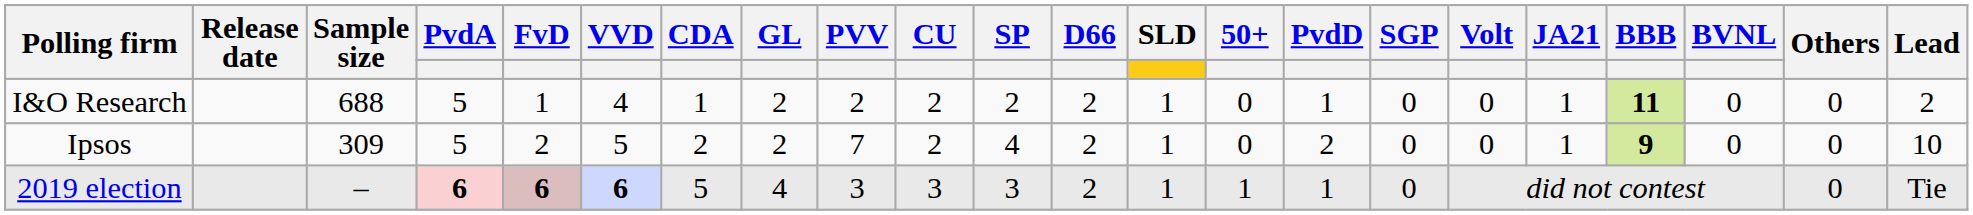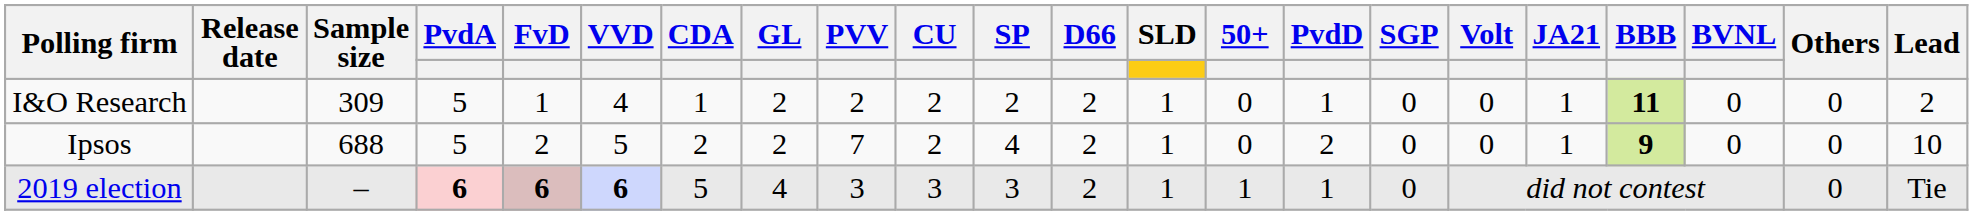 <table class="wikitable sortable tpl-blanktable" style="text-align:center;font-size:90%;line-height:14px;">
 <tr>
 <th rowspan="2">Polling firm</th>
 <th rowspan="2">Release<br>date</th>
 <th rowspan="2">Sample<br>size</th>
 <th class="unsortable" style="width:30px;"><a href='#'>PvdA</a></th>
 <th class="unsortable" style="width:30px;"><a href='#'>FvD</a></th>
 <th class="unsortable" style="width:30px;"><a href='#'>VVD</a></th>
 <th class="unsortable" style="width:30px;"><a href='#'>CDA</a></th>
 <th class="unsortable" style="width:30px;"><a href='#'>GL</a></th>
 <th class="unsortable" style="width:30px;"><a href='#'>PVV</a></th>
 <th class="unsortable" style="width:30px;"><a href='#'>CU</a></th>
 <th class="unsortable" style="width:30px;"><a href='#'>SP</a></th>
 <th class="unsortable" style="width:30px;"><a href='#'>D66</a></th>
 <th class="unsortable" style="width:30px;">SLD </th>
 <th class="unsortable" style="width:30px;"><a href='#'>50+</a></th>
 <th class="unsortable" style="width:30px;"><a href='#'>PvdD</a></th>
 <th class="unsortable" style="width:30px;"><a href='#'>SGP</a></th>
 <th class="unsortable" style="width:30px;"><a href='#'>Volt</a></th>
 <th class="unsortable" style="width:30px;"><a href='#'>JA21</a></th>
 <th class="unsortable" style="width:30px;"><a href='#'>BBB</a></th>
 <th class="unsortable" style="width:30px;"><a href='#'>BVNL</a></th>
 <th class="unsortable" style="width:30px;" rowspan="2">Others</th>
 <th rowspan="2">Lead</th>
 </tr>
 <tr>
 <th data-sort-type="number" style="background:"></th>
 <th data-sort-type="number" style="background:"></th>
 <th data-sort-type="number" style="background:"></th>
 <th data-sort-type="number" style="background:"></th>
 <th data-sort-type="number" style="background:"></th>
 <th data-sort-type="number" style="background:"></th>
 <th data-sort-type="number" style="background:"></th>
 <th data-sort-type="number" style="background:"></th>
 <th data-sort-type="number" style="background:"></th>
 <th data-sort-type="number" style="background:#FCCC14;"></th>
 <th data-sort-type="number" style="background:"></th>
 <th data-sort-type="number" style="background:"></th>
 <th data-sort-type="number" style="background:"></th>
 <th data-sort-type="number" style="background:"></th>
 <th data-sort-type="number" style="background:"></th>
 <th data-sort-type="number" style="background:"></th>
 <th data-sort-type="number" style="background:"></th>
 </tr>
 <tr>
 <td>I&O Research</td>
 <td></td>
-<td>688</td>
+<td>309</td>
 <td>5</td>
 <td>1</td>
 <td>4</td>
 <td>1</td>
 <td>2</td>
 <td>2</td>
 <td>2</td>
 <td>2</td>
 <td>2</td>
 <td>1</td>
 <td>0</td>
 <td>1</td>
 <td>0</td>
 <td>0</td>
 <td>1</td>
 <td style="background:#d3ea9e;"><strong>11</strong></td>
 <td>0</td>
 <td>0</td>
 <td style="background:">2</td>
 </tr>
 <tr>
 <td>Ipsos</td>
 <td></td>
-<td>309</td>
+<td>688</td>
 <td>5</td>
 <td>2</td>
 <td>5</td>
 <td>2</td>
 <td>2</td>
 <td>7</td>
 <td>2</td>
 <td>4</td>
 <td>2</td>
 <td>1</td>
 <td>0</td>
 <td>2</td>
 <td>0</td>
 <td>0</td>
 <td>1</td>
 <td style="background:#d3ea9e;"><strong>9</strong></td>
 <td>0</td>
 <td>0</td>
 <td style="background:">10</td>
 </tr>
 <tr style="background:#E9E9E9;">
 <td><a href='#'>2019 election</a></td>
 <td></td>
 <td>–</td>
 <td style="background:#FBD0D2;"><strong>6</strong></td>
 <td style="background:#DBBDBD;"><strong>6</strong></td>
 <td style="background:#CED7FD;"><strong>6</strong></td>
 <td>5</td>
 <td>4</td>
 <td>3</td>
 <td>3</td>
 <td>3</td>
 <td>2</td>
 <td>1</td>
 <td>1</td>
 <td>1</td>
 <td>0</td>
 <td colspan=4><em>did not contest</em></td>
 <td>0</td>
 <td>Tie</td>
 </tr>
 </table>
